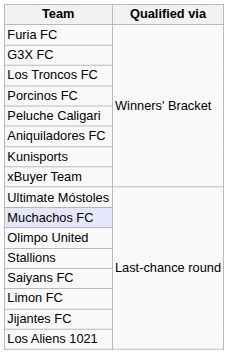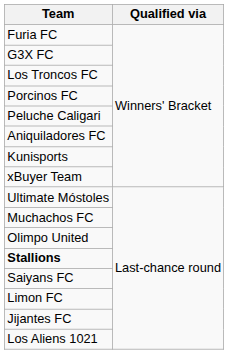 <table class=wikitable>
 <tr>
 <th>Team</th>
 <th>Qualified via</th>
 </tr>
 <tr>
 <td> Furia FC</td>
 <td rowspan=8>Winners' Bracket</td>
 </tr>
 <tr>
 <td> G3X FC</td>
 </tr>
 <tr>
 <td> Los Troncos FC</td>
 </tr>
 <tr>
 <td> Porcinos FC</td>
 </tr>
 <tr>
 <td> Peluche Caligari</td>
 </tr>
 <tr>
 <td> Aniquiladores FC</td>
 </tr>
 <tr>
 <td> Kunisports</td>
 </tr>
 <tr>
 <td> xBuyer Team</td>
 </tr>
 <tr>
 <td> Ultimate Móstoles</td>
 <td rowspan="8">Last-chance round</td>
 </tr>
 <tr>
-<td style="background: lavender;"> Muchachos FC</td>
+<td> Muchachos FC</td>
 </tr>
 <tr>
 <td> Olimpo United</td>
 </tr>
 <tr>
-<td> Stallions</td>
+<td><strong> Stallions</strong></td>
 </tr>
 <tr>
 <td> Saiyans FC</td>
 </tr>
 <tr>
 <td> Limon FC</td>
 </tr>
 <tr>
 <td> Jijantes FC</td>
 </tr>
 <tr>
 <td> Los Aliens 1021</td>
 </tr>
 </table>
